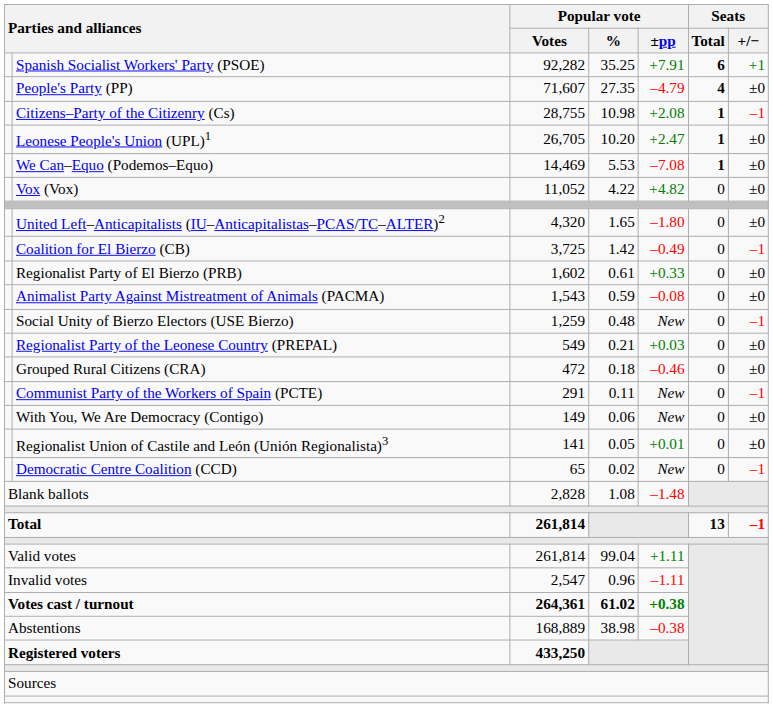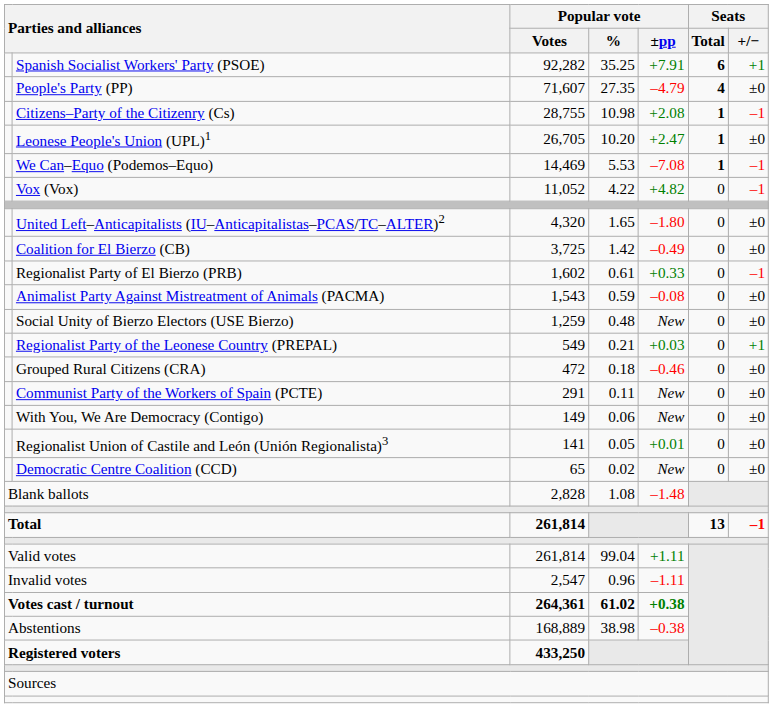 <table class="wikitable" style="text-align:right;">
 <tr>
 <th style="text-align:left;" rowspan="2" colspan="2" width="525">Parties and alliances</th>
 <th colspan="3">Popular vote</th>
 <th colspan="2">Seats</th>
 </tr>
 <tr>
 <th width="75">Votes</th>
 <th width="45">%</th>
 <th width="45">±<a href='#'>pp</a></th>
 <th width="35">Total</th>
 <th width="35">+/−</th>
 </tr>
 <tr>
 <td width="1" style="color:inherit;background:"></td>
 <td align="left"><a href='#'>Spanish Socialist Workers' Party</a> (PSOE)</td>
 <td>92,282</td>
 <td>35.25</td>
 <td style="color:green;">+7.91</td>
 <td><strong>6</strong></td>
 <td style="color:green;">+1</td>
 </tr>
 <tr>
 <td style="color:inherit;background:"></td>
 <td align="left"><a href='#'>People's Party</a> (PP)</td>
 <td>71,607</td>
 <td>27.35</td>
 <td style="color:red;">–4.79</td>
 <td><strong>4</strong></td>
 <td>±0</td>
 </tr>
 <tr>
 <td style="color:inherit;background:"></td>
 <td align="left"><a href='#'>Citizens–Party of the Citizenry</a> (Cs)</td>
 <td>28,755</td>
 <td>10.98</td>
 <td style="color:green;">+2.08</td>
 <td><strong>1</strong></td>
 <td style="color:red;">–1</td>
 </tr>
 <tr>
 <td style="color:inherit;background:"></td>
 <td align="left"><a href='#'>Leonese People's Union</a> (UPL)<sup>1</sup></td>
 <td>26,705</td>
 <td>10.20</td>
 <td style="color:green;">+2.47</td>
 <td><strong>1</strong></td>
 <td>±0</td>
 </tr>
 <tr>
 <td style="color:inherit;background:"></td>
 <td align="left"><a href='#'>We Can</a>–<a href='#'>Equo</a> (Podemos–Equo)</td>
 <td>14,469</td>
 <td>5.53</td>
 <td style="color:red;">–7.08</td>
 <td><strong>1</strong></td>
-<td>±0</td>
+<td style="color:red;">–1</td>
 </tr>
 <tr>
 <td style="color:inherit;background:"></td>
 <td align="left"><a href='#'>Vox</a> (Vox)</td>
 <td>11,052</td>
 <td>4.22</td>
 <td style="color:green;">+4.82</td>
 <td>0</td>
-<td>±0</td>
+<td style="color:red;">–1</td>
 </tr>
 <tr>
 <td colspan="7" bgcolor="#C0C0C0"></td>
 </tr>
 <tr>
 <td style="color:inherit;background:"></td>
 <td align="left"><a href='#'>United Left</a>–<a href='#'>Anticapitalists</a> (<a href='#'>IU</a>–<a href='#'>Anticapitalistas</a>–<a href='#'>PCAS</a>/<a href='#'>TC</a>–<a href='#'>ALTER</a>)<sup>2</sup></td>
 <td>4,320</td>
 <td>1.65</td>
 <td style="color:red;">–1.80</td>
 <td>0</td>
 <td>±0</td>
 </tr>
 <tr>
 <td style="color:inherit;background:"></td>
 <td align="left"><a href='#'>Coalition for El Bierzo</a> (CB)</td>
 <td>3,725</td>
 <td>1.42</td>
 <td style="color:red;">–0.49</td>
 <td>0</td>
-<td style="color:red;">–1</td>
+<td>±0</td>
 </tr>
 <tr>
 <td style="color:inherit;background:"></td>
 <td align="left">Regionalist Party of El Bierzo (PRB)</td>
 <td>1,602</td>
 <td>0.61</td>
 <td style="color:green;">+0.33</td>
 <td>0</td>
-<td>±0</td>
+<td style="color:red;">–1</td>
 </tr>
 <tr>
 <td style="color:inherit;background:"></td>
 <td align="left"><a href='#'>Animalist Party Against Mistreatment of Animals</a> (PACMA)</td>
 <td>1,543</td>
 <td>0.59</td>
 <td style="color:red;">–0.08</td>
 <td>0</td>
 <td>±0</td>
 </tr>
 <tr>
 <td style="color:inherit;background:"></td>
 <td align="left">Social Unity of Bierzo Electors (USE Bierzo)</td>
 <td>1,259</td>
 <td>0.48</td>
 <td><em>New</em></td>
 <td>0</td>
-<td style="color:red;">–1</td>
+<td>±0</td>
 </tr>
 <tr>
 <td style="color:inherit;background:"></td>
 <td align="left"><a href='#'>Regionalist Party of the Leonese Country</a> (PREPAL)</td>
 <td>549</td>
 <td>0.21</td>
 <td style="color:green;">+0.03</td>
 <td>0</td>
-<td>±0</td>
+<td style="color:green;">+1</td>
 </tr>
 <tr>
 <td style="color:inherit;background:"></td>
 <td align="left">Grouped Rural Citizens (CRA)</td>
 <td>472</td>
 <td>0.18</td>
 <td style="color:red;">–0.46</td>
 <td>0</td>
 <td>±0</td>
 </tr>
 <tr>
 <td style="color:inherit;background:"></td>
 <td align="left"><a href='#'>Communist Party of the Workers of Spain</a> (PCTE)</td>
 <td>291</td>
 <td>0.11</td>
 <td><em>New</em></td>
 <td>0</td>
-<td style="color:red;">–1</td>
+<td>±0</td>
 </tr>
 <tr>
 <td style="color:inherit;background:"></td>
 <td align="left">With You, We Are Democracy (Contigo)</td>
 <td>149</td>
 <td>0.06</td>
 <td><em>New</em></td>
 <td>0</td>
 <td>±0</td>
 </tr>
 <tr>
 <td style="color:inherit;background:"></td>
 <td align="left">Regionalist Union of Castile and León (Unión Regionalista)<sup>3</sup></td>
 <td>141</td>
 <td>0.05</td>
 <td style="color:green;">+0.01</td>
 <td>0</td>
 <td>±0</td>
 </tr>
 <tr>
 <td style="color:inherit;background:"></td>
 <td align="left"><a href='#'>Democratic Centre Coalition</a> (CCD)</td>
 <td>65</td>
 <td>0.02</td>
 <td><em>New</em></td>
 <td>0</td>
-<td style="color:red;">–1</td>
+<td>±0</td>
 </tr>
 <tr>
 <td align="left" colspan="2">Blank ballots</td>
 <td>2,828</td>
 <td>1.08</td>
 <td style="color:red;">–1.48</td>
 <td bgcolor="#E9E9E9" colspan="2"></td>
 </tr>
 <tr>
 <td colspan="7" bgcolor="#E9E9E9"></td>
 </tr>
 <tr style="font-weight:bold;">
 <td align="left" colspan="2">Total</td>
 <td>261,814</td>
 <td bgcolor="#E9E9E9" colspan="2"></td>
 <td>13</td>
 <td style="color:red;">–1</td>
 </tr>
 <tr>
 <td colspan="7" bgcolor="#E9E9E9"></td>
 </tr>
 <tr>
 <td align="left" colspan="2">Valid votes</td>
 <td>261,814</td>
 <td>99.04</td>
 <td style="color:green;">+1.11</td>
 <td bgcolor="#E9E9E9" colspan="2" rowspan="5"></td>
 </tr>
 <tr>
 <td align="left" colspan="2">Invalid votes</td>
 <td>2,547</td>
 <td>0.96</td>
 <td style="color:red;">–1.11</td>
 </tr>
 <tr style="font-weight:bold;">
 <td align="left" colspan="2">Votes cast / turnout</td>
 <td>264,361</td>
 <td>61.02</td>
 <td style="color:green;">+0.38</td>
 </tr>
 <tr>
 <td align="left" colspan="2">Abstentions</td>
 <td>168,889</td>
 <td>38.98</td>
 <td style="color:red;">–0.38</td>
 </tr>
 <tr style="font-weight:bold;">
 <td align="left" colspan="2">Registered voters</td>
 <td>433,250</td>
 <td bgcolor="#E9E9E9" colspan="2"></td>
 </tr>
 <tr>
 <td colspan="7" bgcolor="#E9E9E9"></td>
 </tr>
 <tr>
 <td align="left" colspan="7">Sources</td>
 </tr>
 <tr>
 <td colspan="7" style="text-align:left; max-width:790px;"></td>
 </tr>
 </table>
